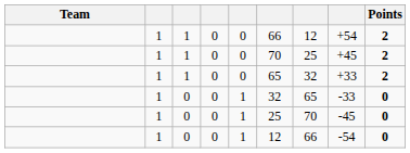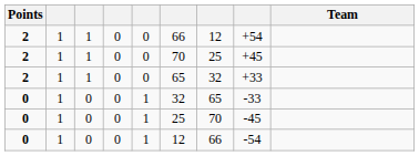 <table class=wikitable style="text-align:center" width=500>
 <tr>
-<th width=35%>Team</th>
+<th width=30>Points</th>
 <th width=30></th>
 <th width=30></th>
 <th width=30></th>
 <th width=30></th>
 <th width=40></th>
 <th width=40></th>
 <th width=40></th>
-<th width=30>Points</th>
+<th width=35%>Team</th>
 </tr>
 <tr>
-<td align=left></td>
+<td><strong>2</strong></td>
 <td>1</td>
 <td>1</td>
 <td>0</td>
 <td>0</td>
 <td>66</td>
 <td>12</td>
 <td>+54</td>
-<td><strong>2</strong></td>
+<td align=left></td>
 </tr>
 <tr>
-<td align=left></td>
+<td><strong>2</strong></td>
 <td>1</td>
 <td>1</td>
 <td>0</td>
 <td>0</td>
 <td>70</td>
 <td>25</td>
 <td>+45</td>
-<td><strong>2</strong></td>
+<td align=left></td>
 </tr>
 <tr>
-<td align=left></td>
+<td><strong>2</strong></td>
 <td>1</td>
 <td>1</td>
 <td>0</td>
 <td>0</td>
 <td>65</td>
 <td>32</td>
 <td>+33</td>
-<td><strong>2</strong></td>
+<td align=left></td>
 </tr>
 <tr>
-<td align=left></td>
+<td><strong>0</strong></td>
 <td>1</td>
 <td>0</td>
 <td>0</td>
 <td>1</td>
 <td>32</td>
 <td>65</td>
 <td>-33</td>
-<td><strong>0</strong></td>
+<td align=left></td>
 </tr>
 <tr>
-<td align=left></td>
+<td><strong>0</strong></td>
 <td>1</td>
 <td>0</td>
 <td>0</td>
 <td>1</td>
 <td>25</td>
 <td>70</td>
 <td>-45</td>
-<td><strong>0</strong></td>
+<td align=left></td>
 </tr>
 <tr>
-<td align=left></td>
+<td><strong>0</strong></td>
 <td>1</td>
 <td>0</td>
 <td>0</td>
 <td>1</td>
 <td>12</td>
 <td>66</td>
 <td>-54</td>
-<td><strong>0</strong></td>
+<td align=left></td>
 </tr>
 </table>
